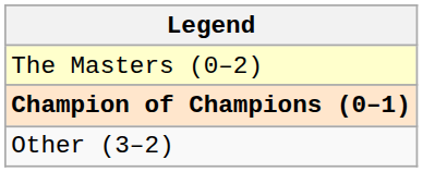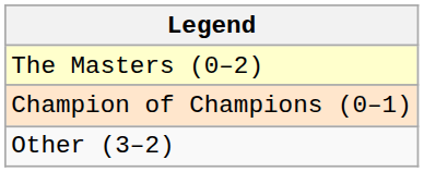 <table class="wikitable">
 <tr>
 <th>Legend</th>
 </tr>
 <tr style="background:#ffc;">
 <td>The Masters (0–2)</td>
 </tr>
 <tr style="background:#ffe6cc;">
-<td><strong>Champion of Champions (0–1)</strong></td>
+<td>Champion of Champions (0–1)</td>
 </tr>
 <tr>
 <td>Other (3–2)</td>
 </tr>
 </table>
